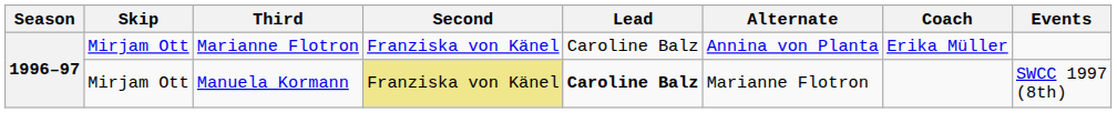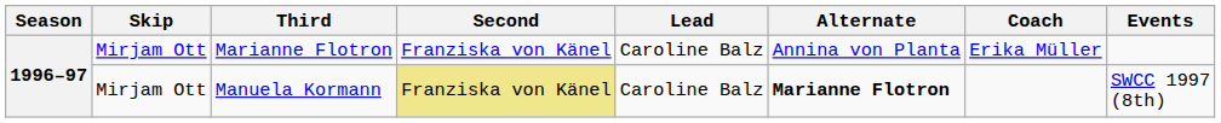 <table class="wikitable">
 <tr>
 <th scope="col">Season</th>
 <th scope="col">Skip</th>
 <th scope="col">Third</th>
 <th scope="col">Second</th>
 <th scope="col">Lead</th>
 <th scope="col">Alternate</th>
 <th scope="col">Coach</th>
 <th scope="col">Events</th>
 </tr>
 <tr>
 <th scope="row" rowspan=2>1996–97</th>
 <td><a href='#'>Mirjam Ott</a></td>
 <td><a href='#'>Marianne Flotron</a></td>
 <td><a href='#'>Franziska von Känel</a></td>
 <td>Caroline Balz</td>
 <td><a href='#'>Annina von Planta</a></td>
 <td><a href='#'>Erika Müller</a></td>
 <td> </td>
 </tr>
 <tr>
 <td>Mirjam Ott</td>
 <td><a href='#'>Manuela Kormann</a></td>
 <td style="background: khaki;">Franziska von Känel</td>
-<td><strong>Caroline Balz</strong></td>
-<td>Marianne Flotron</td>
+<td>Caroline Balz</td>
+<td><strong>Marianne Flotron</strong></td>
 <td></td>
 <td><a href='#'>SWCC</a> 1997 <br> (8th)</td>
 </tr>
 </table>
